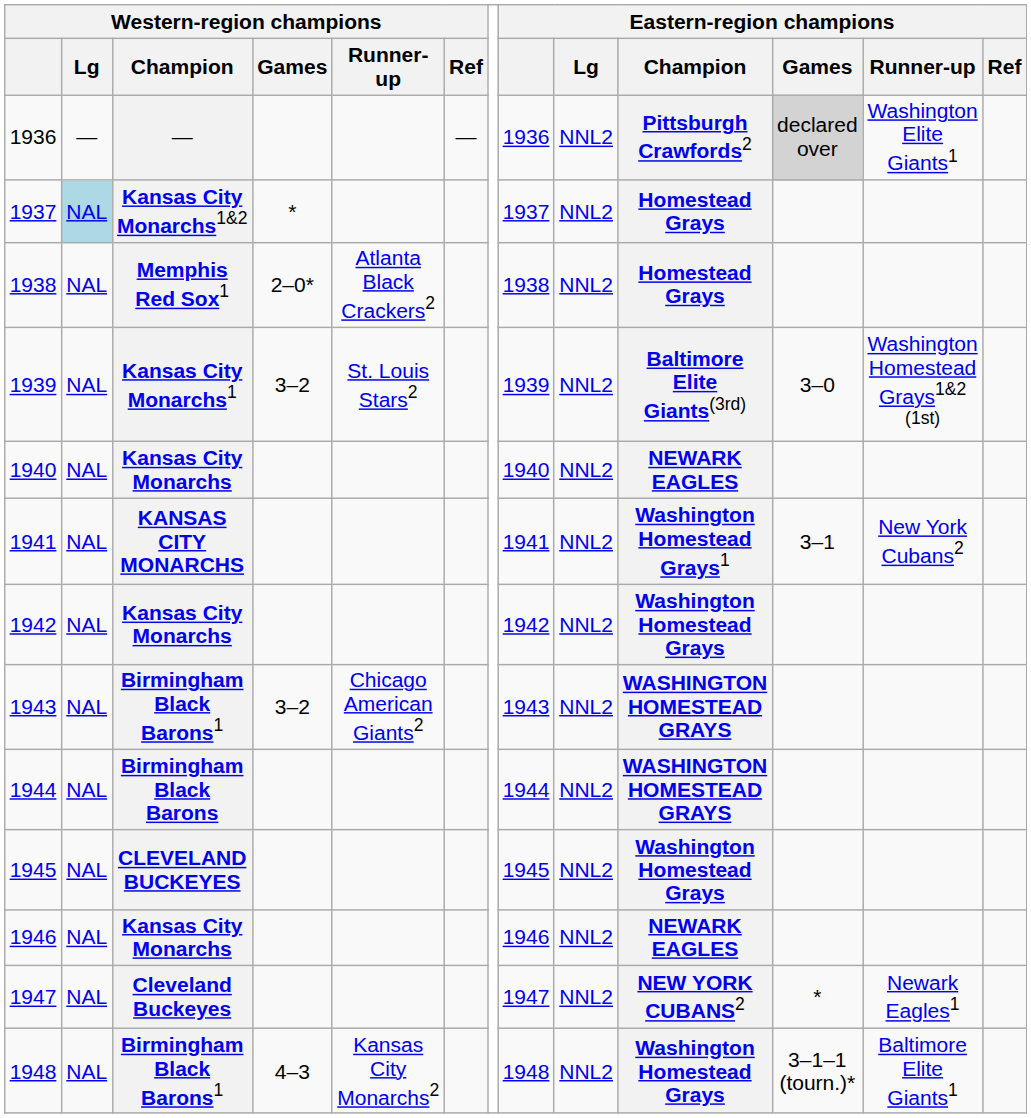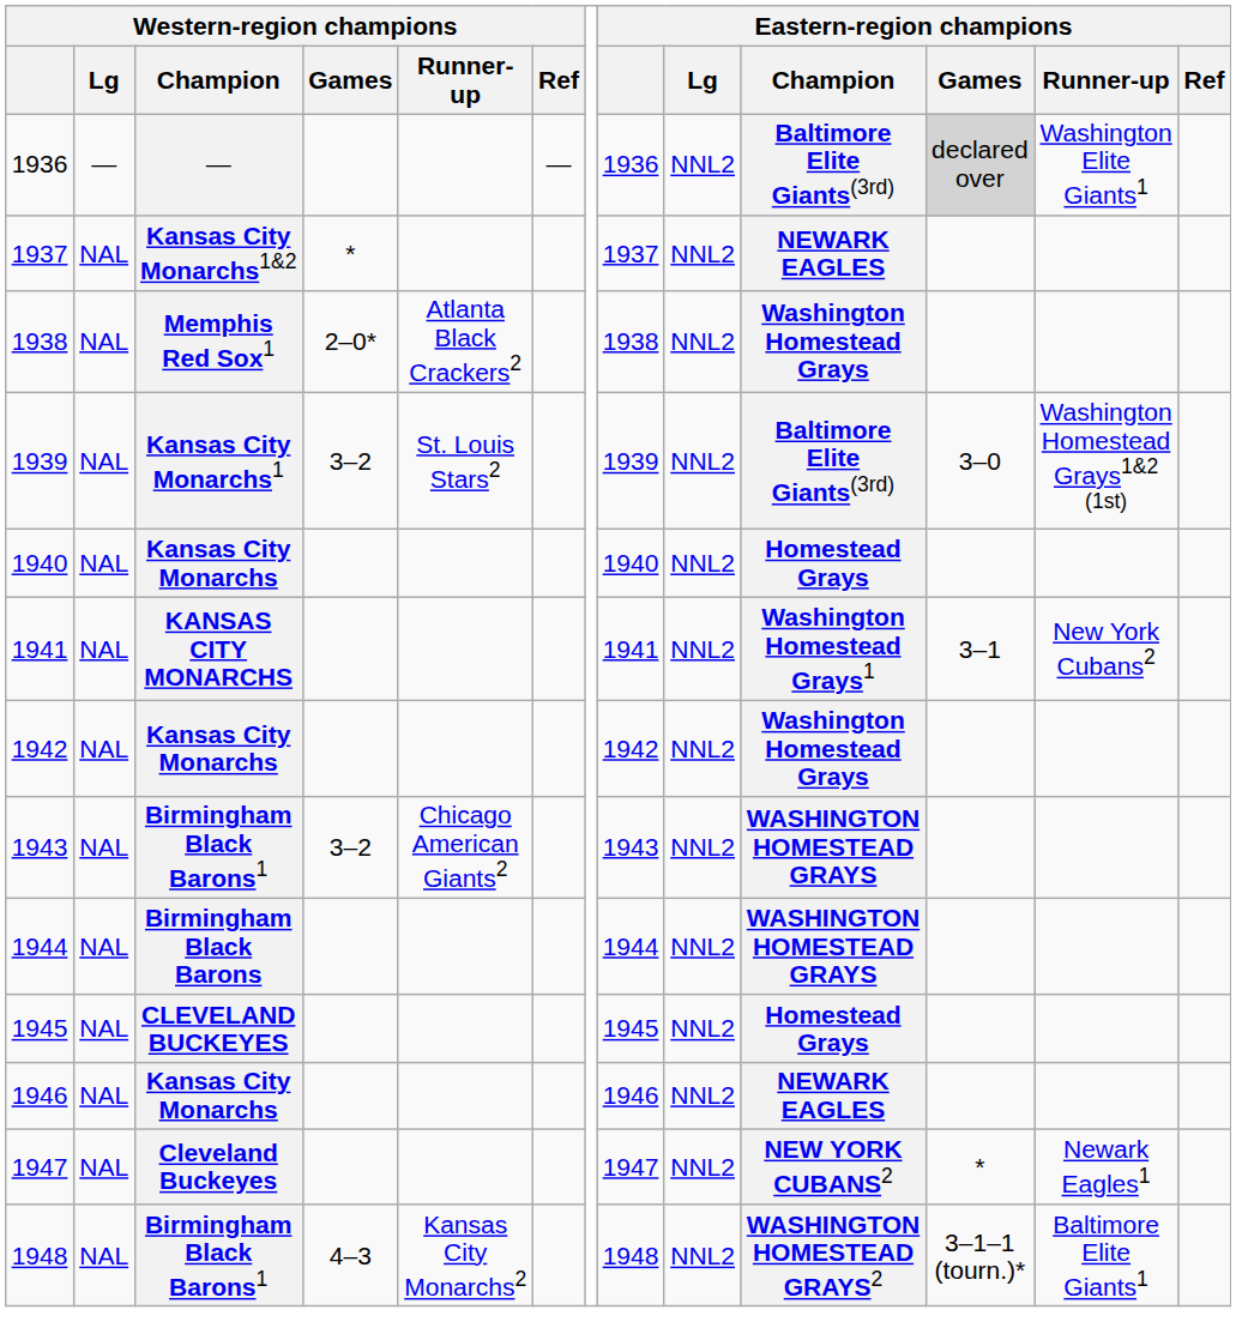 <table class="wikitable" style="text-align:center; font-size:90%;">
 <tr>
 <th colspan="6">Western-region champions</th>
 <th rowspan="15" style="background: #ffffff;"></th>
 <th colspan="6">Eastern-region champions</th>
 </tr>
 <tr>
 <th></th>
 <th>Lg</th>
 <th>Champion</th>
 <th>Games</th>
 <th>Runner-up</th>
 <th>Ref</th>
 <th></th>
 <th>Lg</th>
 <th>Champion</th>
 <th>Games</th>
 <th>Runner-up</th>
 <th>Ref</th>
 </tr>
 <tr>
 <td>1936</td>
 <td>—</td>
 <td bgcolor=#f2f2f2>—</td>
 <td></td>
 <td></td>
 <td>—</td>
 <td><a href='#'>1936</a></td>
 <td><a href='#'>NNL2</a></td>
-<td bgcolor=#f2f2f2><strong><a href='#'>Pittsburgh Crawfords</a></strong><sup>2</sup></td>
+<td bgcolor=#f2f2f2><strong><a href='#'>Baltimore Elite Giants</a></strong><sup>(3rd)</sup></td>
 <td style="background: lightgrey;">declared over</td>
 <td><a href='#'>Washington Elite Giants</a><sup>1</sup></td>
 <td></td>
 </tr>
 <tr>
 <td><a href='#'>1937</a></td>
-<td style="background: lightblue;"><a href='#'>NAL</a></td>
+<td><a href='#'>NAL</a></td>
 <td bgcolor=#f2f2f2><strong><a href='#'>Kansas City Monarchs</a></strong><sup>1&2</sup></td>
 <td>*</td>
 <td></td>
 <td></td>
 <td><a href='#'>1937</a></td>
 <td><a href='#'>NNL2</a></td>
-<td bgcolor=#f2f2f2><strong><a href='#'>Homestead Grays</a></strong></td>
+<td bgcolor=#f2f2f2><span><strong><a href='#'>NEWARK EAGLES</a></strong></span></td>
 <td></td>
 <td></td>
 <td></td>
 </tr>
 <tr>
 <td><a href='#'>1938</a></td>
 <td><a href='#'>NAL</a></td>
 <td bgcolor=#f2f2f2><strong><a href='#'>Memphis Red Sox</a></strong><sup>1</sup></td>
 <td>2–0*</td>
 <td><a href='#'>Atlanta Black Crackers</a><sup>2</sup></td>
 <td></td>
 <td><a href='#'>1938</a></td>
 <td><a href='#'>NNL2</a></td>
-<td bgcolor=#f2f2f2><strong><a href='#'>Homestead Grays</a></strong></td>
+<td bgcolor=#f2f2f2><span><strong><a href='#'>Washington Homestead Grays</a></strong></span></td>
 <td></td>
 <td></td>
 <td></td>
 </tr>
 <tr>
 <td><a href='#'>1939</a></td>
 <td><a href='#'>NAL</a></td>
 <td bgcolor=#f2f2f2><strong><a href='#'>Kansas City Monarchs</a></strong><sup>1</sup></td>
 <td>3–2</td>
 <td><a href='#'>St. Louis Stars</a><sup>2</sup></td>
 <td></td>
 <td><a href='#'>1939</a></td>
 <td><a href='#'>NNL2</a></td>
 <td bgcolor=#f2f2f2><strong><a href='#'>Baltimore Elite Giants</a></strong><sup>(3rd)</sup></td>
 <td>3–0</td>
 <td><a href='#'>Washington Homestead Grays</a><sup>1&2 (1st)</sup></td>
 <td></td>
 </tr>
 <tr>
 <td><a href='#'>1940</a></td>
 <td><a href='#'>NAL</a></td>
 <td bgcolor=#f2f2f2><strong><a href='#'>Kansas City Monarchs</a></strong></td>
 <td></td>
 <td></td>
 <td></td>
 <td><a href='#'>1940</a></td>
 <td><a href='#'>NNL2</a></td>
-<td bgcolor=#f2f2f2><span><strong><a href='#'>NEWARK EAGLES</a></strong></span></td>
+<td bgcolor=#f2f2f2><strong><a href='#'>Homestead Grays</a></strong></td>
 <td></td>
 <td></td>
 <td></td>
 </tr>
 <tr>
 <td><a href='#'>1941</a></td>
 <td><a href='#'>NAL</a></td>
 <td bgcolor=#f2f2f2><span><strong><a href='#'>KANSAS CITY MONARCHS</a></strong></span></td>
 <td></td>
 <td></td>
 <td></td>
 <td><a href='#'>1941</a></td>
 <td><a href='#'>NNL2</a></td>
 <td bgcolor=#f2f2f2><strong><a href='#'>Washington Homestead Grays</a></strong><sup>1</sup></td>
 <td>3–1</td>
 <td><a href='#'>New York Cubans</a><sup>2</sup></td>
 <td></td>
 </tr>
 <tr>
 <td><a href='#'>1942</a></td>
 <td><a href='#'>NAL</a></td>
 <td bgcolor=#f2f2f2><strong><a href='#'>Kansas City Monarchs</a></strong></td>
 <td></td>
 <td></td>
 <td></td>
 <td><a href='#'>1942</a></td>
 <td><a href='#'>NNL2</a></td>
 <td bgcolor=#f2f2f2><span><strong><a href='#'>Washington Homestead Grays</a></strong></span></td>
 <td></td>
 <td></td>
 <td></td>
 </tr>
 <tr>
 <td><a href='#'>1943</a></td>
 <td><a href='#'>NAL</a></td>
 <td bgcolor=#f2f2f2><span><strong><a href='#'>Birmingham Black Barons</a></strong></span><sup>1</sup></td>
 <td>3–2</td>
 <td><a href='#'>Chicago American Giants</a><sup>2</sup></td>
 <td></td>
 <td><a href='#'>1943</a></td>
 <td><a href='#'>NNL2</a></td>
 <td bgcolor=#f2f2f2><span><strong><a href='#'>WASHINGTON HOMESTEAD GRAYS</a></strong></span></td>
 <td></td>
 <td></td>
 <td></td>
 </tr>
 <tr>
 <td><a href='#'>1944</a></td>
 <td><a href='#'>NAL</a></td>
 <td bgcolor=#f2f2f2><span><strong><a href='#'>Birmingham Black Barons</a></strong></span></td>
 <td></td>
 <td></td>
 <td></td>
 <td><a href='#'>1944</a></td>
 <td><a href='#'>NNL2</a></td>
 <td bgcolor=#f2f2f2><span><strong><a href='#'>WASHINGTON HOMESTEAD GRAYS</a></strong></span></td>
 <td></td>
 <td></td>
 <td></td>
 </tr>
 <tr>
 <td><a href='#'>1945</a></td>
 <td><a href='#'>NAL</a></td>
 <td bgcolor=#f2f2f2><span><strong><a href='#'>CLEVELAND BUCKEYES</a></strong></span></td>
 <td></td>
 <td></td>
 <td></td>
 <td><a href='#'>1945</a></td>
 <td><a href='#'>NNL2</a></td>
-<td bgcolor=#f2f2f2><span><strong><a href='#'>Washington Homestead Grays</a></strong></span></td>
+<td bgcolor=#f2f2f2><strong><a href='#'>Homestead Grays</a></strong></td>
 <td></td>
 <td></td>
 <td></td>
 </tr>
 <tr>
 <td><a href='#'>1946</a></td>
 <td><a href='#'>NAL</a></td>
 <td bgcolor=#f2f2f2><span><strong><a href='#'>Kansas City Monarchs</a></strong></span></td>
 <td></td>
 <td></td>
 <td></td>
 <td><a href='#'>1946</a></td>
 <td><a href='#'>NNL2</a></td>
 <td bgcolor=#f2f2f2><span><strong><a href='#'>NEWARK EAGLES</a></strong></span></td>
 <td></td>
 <td></td>
 <td></td>
 </tr>
 <tr>
 <td><a href='#'>1947</a></td>
 <td><a href='#'>NAL</a></td>
 <td bgcolor=#f2f2f2><span><strong><a href='#'>Cleveland Buckeyes</a></strong></span></td>
 <td></td>
 <td></td>
 <td></td>
 <td><a href='#'>1947</a></td>
 <td><a href='#'>NNL2</a></td>
 <td bgcolor=#f2f2f2><span><strong><a href='#'>NEW YORK CUBANS</a></strong></span><sup>2</sup></td>
 <td>*</td>
 <td><a href='#'>Newark Eagles</a><sup>1</sup></td>
 <td></td>
 </tr>
 <tr>
 <td><a href='#'>1948</a></td>
 <td><a href='#'>NAL</a></td>
 <td bgcolor=#f2f2f2><span><strong><a href='#'>Birmingham Black Barons</a></strong></span><sup>1</sup></td>
 <td>4–3</td>
 <td><a href='#'>Kansas City Monarchs</a><sup>2</sup></td>
 <td></td>
 <td><a href='#'>1948</a></td>
 <td><a href='#'>NNL2</a></td>
-<td bgcolor=#f2f2f2><span><strong><a href='#'>Washington Homestead Grays</a></strong></span></td>
+<td bgcolor=#f2f2f2><span><strong><a href='#'>WASHINGTON HOMESTEAD GRAYS</a></strong></span><sup>2</sup></td>
 <td>3–1–1<br>(tourn.)*</td>
 <td><a href='#'>Baltimore Elite Giants</a><sup>1</sup></td>
 <td></td>
 </tr>
 </table>
